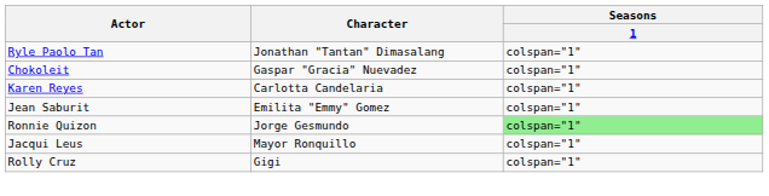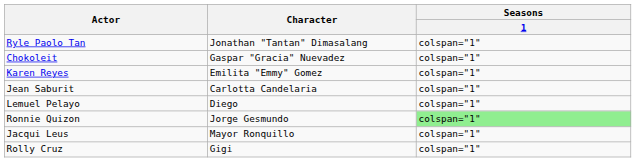 <table class="wikitable">
 <tr>
 <th style="width:5%;" rowspan="2">Actor</th>
 <th style="width:5%;" rowspan="2">Character</th>
 <th colspan="1">Seasons</th>
 </tr>
 <tr>
 <th style="width:5%;"><a href='#'>1</a></th>
 </tr>
 <tr>
 <td><a href='#'>Ryle Paolo Tan</a></td>
 <td>Jonathan "Tantan" Dimasalang</td>
 <td>colspan="1" </td>
 </tr>
 <tr>
 <td><a href='#'>Chokoleit</a></td>
 <td>Gaspar "Gracia" Nuevadez</td>
 <td>colspan="1" </td>
 </tr>
 <tr>
 <td><a href='#'>Karen Reyes</a></td>
+<td>Emilita "Emmy" Gomez</td>
+<td>colspan="1" </td>
+</tr>
+<tr>
+<td>Jean Saburit</td>
 <td>Carlotta Candelaria</td>
 <td>colspan="1" </td>
 </tr>
 <tr>
-<td>Jean Saburit</td>
-<td>Emilita "Emmy" Gomez</td>
+<td>Lemuel Pelayo</td>
+<td>Diego</td>
 <td>colspan="1" </td>
 </tr>
 <tr>
 <td>Ronnie Quizon</td>
 <td>Jorge Gesmundo</td>
 <td style="background: lightgreen;">colspan="1" </td>
 </tr>
 <tr>
 <td>Jacqui Leus</td>
 <td>Mayor Ronquillo</td>
 <td>colspan="1" </td>
 </tr>
 <tr>
 <td>Rolly Cruz</td>
 <td>Gigi</td>
 <td>colspan="1" </td>
 </tr>
 </table>
